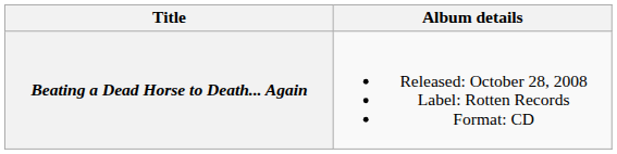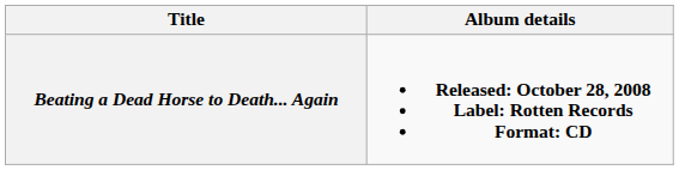 <table class="wikitable plainrowheaders" style="text-align:center;">
 <tr>
 <th scope="col" style="width:19em;">Title</th>
 <th scope="col" style="width:16em;">Album details</th>
 </tr>
 <tr>
 <th scope="row"><em>Beating a Dead Horse to Death... Again</em></th>
-<td><br><ul><li>Released: October 28, 2008</li><li>Label: Rotten Records</li><li>Format: CD</li></ul></td>
+<td><strong><br><ul><li>Released: October 28, 2008</li><li>Label: Rotten Records</li><li>Format: CD</li></ul></strong></td>
 </tr>
 </table>
